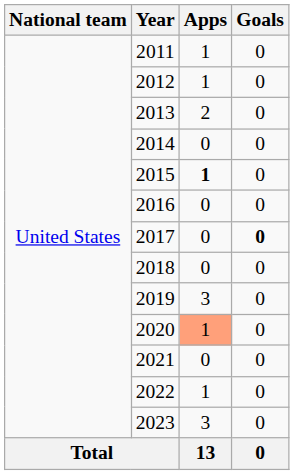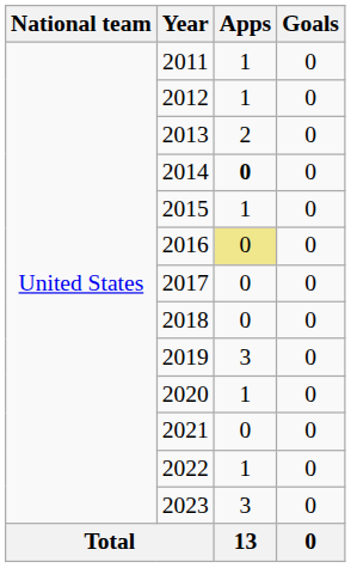 <table class="wikitable" style="text-align:center">
 <tr>
 <th>National team</th>
 <th>Year</th>
 <th>Apps</th>
 <th>Goals</th>
 </tr>
 <tr>
 <td rowspan="13"><a href='#'>United States</a></td>
 <td>2011</td>
 <td>1</td>
 <td>0</td>
 </tr>
 <tr>
 <td>2012</td>
 <td>1</td>
 <td>0</td>
 </tr>
 <tr>
 <td>2013</td>
 <td>2</td>
 <td>0</td>
 </tr>
 <tr>
 <td>2014</td>
-<td>0</td>
+<td><strong>0</strong></td>
 <td>0</td>
 </tr>
 <tr>
 <td>2015</td>
-<td><strong>1</strong></td>
+<td>1</td>
 <td>0</td>
 </tr>
 <tr>
 <td>2016</td>
-<td>0</td>
+<td style="background: khaki;">0</td>
 <td>0</td>
 </tr>
 <tr>
 <td>2017</td>
 <td>0</td>
-<td><strong>0</strong></td>
+<td>0</td>
 </tr>
 <tr>
 <td>2018</td>
 <td>0</td>
 <td>0</td>
 </tr>
 <tr>
 <td>2019</td>
 <td>3</td>
 <td>0</td>
 </tr>
 <tr>
 <td>2020</td>
-<td style="background: lightsalmon;">1</td>
+<td>1</td>
 <td>0</td>
 </tr>
 <tr>
 <td>2021</td>
 <td>0</td>
 <td>0</td>
 </tr>
 <tr>
 <td>2022</td>
 <td>1</td>
 <td>0</td>
 </tr>
 <tr>
 <td>2023</td>
 <td>3</td>
 <td>0</td>
 </tr>
 <tr>
 <th colspan="2">Total</th>
 <th>13</th>
 <th>0</th>
 </tr>
 </table>
